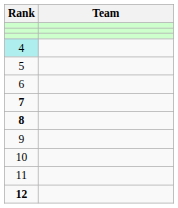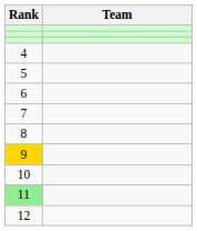 <table class="wikitable" style="text-align: center;">
 <tr>
 <th width=40>Rank</th>
 <th width=180>Team</th>
 </tr>
 <tr bgcolor=#ccffcc>
 <td></td>
 <td align="left"></td>
 </tr>
 <tr bgcolor=#ccffcc>
 <td></td>
 <td align="left"></td>
 </tr>
 <tr bgcolor=#ccffcc>
 <td></td>
 <td align="left"></td>
 </tr>
 <tr>
-<td style="background: paleturquoise;">4</td>
+<td>4</td>
 <td align="left"></td>
 </tr>
 <tr>
 <td>5</td>
 <td align="left"></td>
 </tr>
 <tr>
 <td>6</td>
 <td align="left"></td>
 </tr>
 <tr>
-<td><strong>7</strong></td>
+<td>7</td>
 <td align="left"></td>
 </tr>
 <tr>
-<td><strong>8</strong></td>
+<td>8</td>
 <td align="left"></td>
 </tr>
 <tr>
-<td>9</td>
+<td style="background: gold;">9</td>
 <td align="left"></td>
 </tr>
 <tr>
 <td>10</td>
 <td align="left"></td>
 </tr>
 <tr>
-<td>11</td>
+<td style="background: lightgreen;">11</td>
 <td align="left"></td>
 </tr>
 <tr>
-<td><strong>12</strong></td>
+<td>12</td>
 <td align="left"></td>
 </tr>
 </table>
